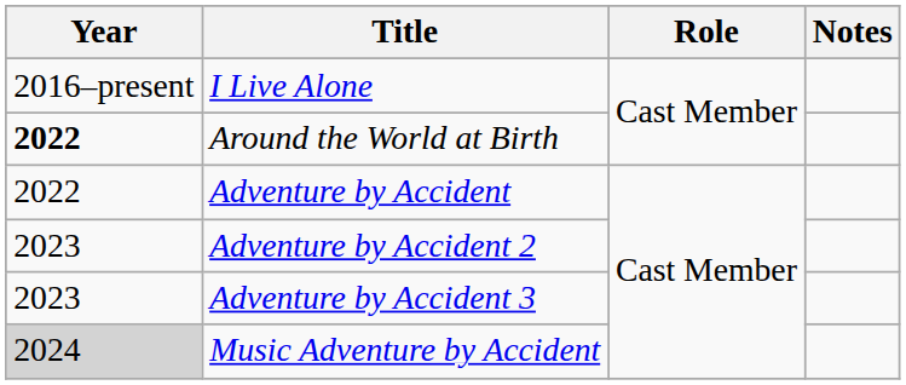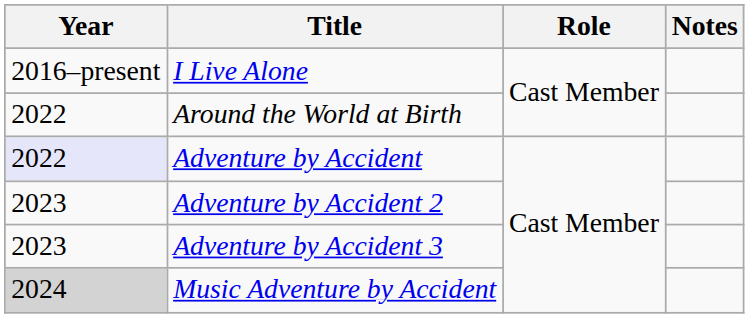 <table class="wikitable sortable">
 <tr>
 <th>Year</th>
 <th>Title</th>
 <th>Role</th>
 <th>Notes</th>
 </tr>
 <tr>
 <td>2016–present</td>
 <td><em><a href='#'>I Live Alone</a></em></td>
 <td rowspan=2>Cast Member</td>
 <td></td>
 </tr>
 <tr>
-<td><strong>2022</strong></td>
+<td>2022</td>
 <td><em>Around the World at Birth</em></td>
 <td></td>
 </tr>
 <tr>
-<td>2022</td>
+<td style="background: lavender;">2022</td>
 <td><em><a href='#'>Adventure by Accident</a></em></td>
 <td rowspan=4>Cast Member</td>
 <td></td>
 </tr>
 <tr>
 <td>2023</td>
 <td><em><a href='#'>Adventure by Accident 2</a></em></td>
 <td></td>
 </tr>
 <tr>
 <td>2023</td>
 <td><em><a href='#'>Adventure by Accident 3</a></em></td>
 <td></td>
 </tr>
 <tr>
 <td style="background: lightgrey;">2024</td>
 <td><em><a href='#'>Music Adventure by Accident</a></em></td>
 <td></td>
 </tr>
 </table>
